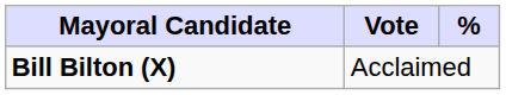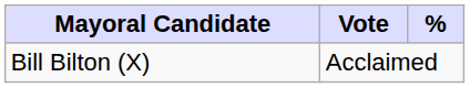 <table class="wikitable">
 <tr>
 <th style="background:#ddf; width:200px;">Mayoral Candidate </th>
 <th style="background:#ddf; width:50px;">Vote</th>
 <th style="background:#ddf; width:30px;">%</th>
 </tr>
 <tr>
-<td><strong>Bill Bilton (X)</strong></td>
+<td>Bill Bilton (X)</td>
 <td colspan="2">Acclaimed</td>
 </tr>
 </table>
